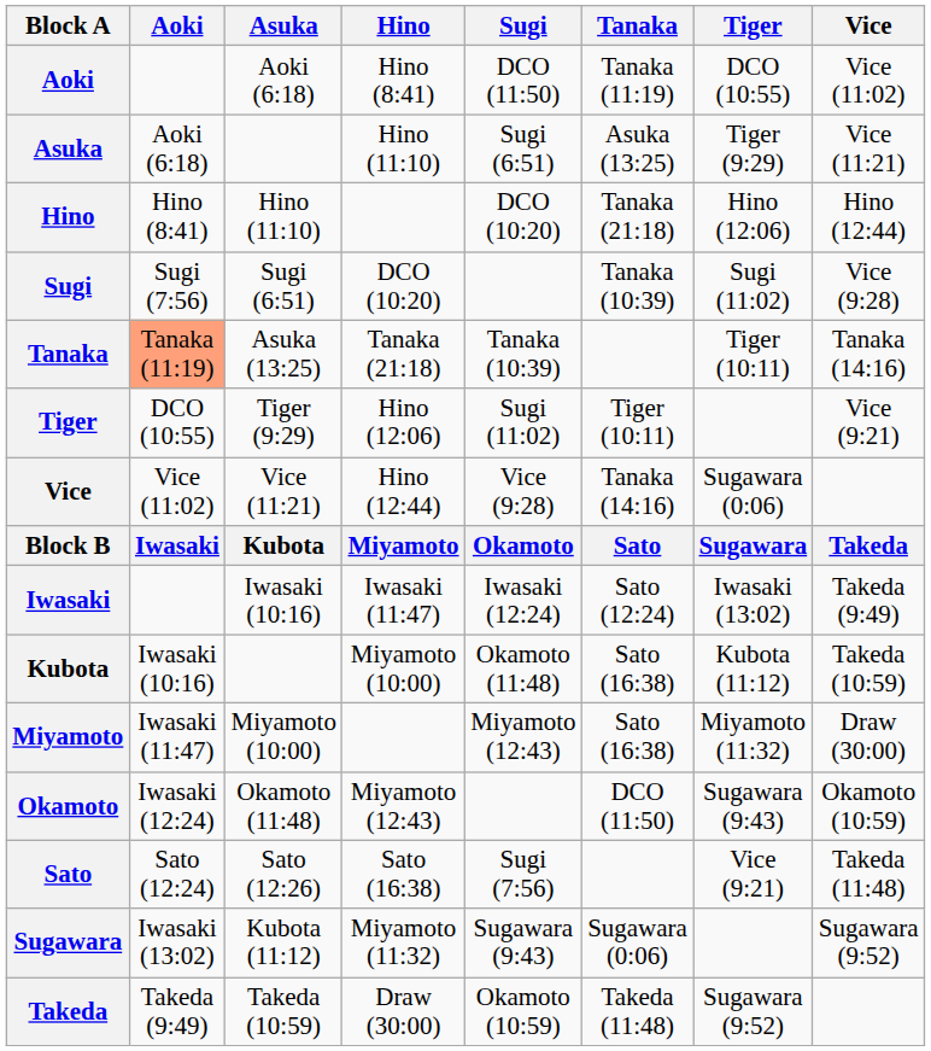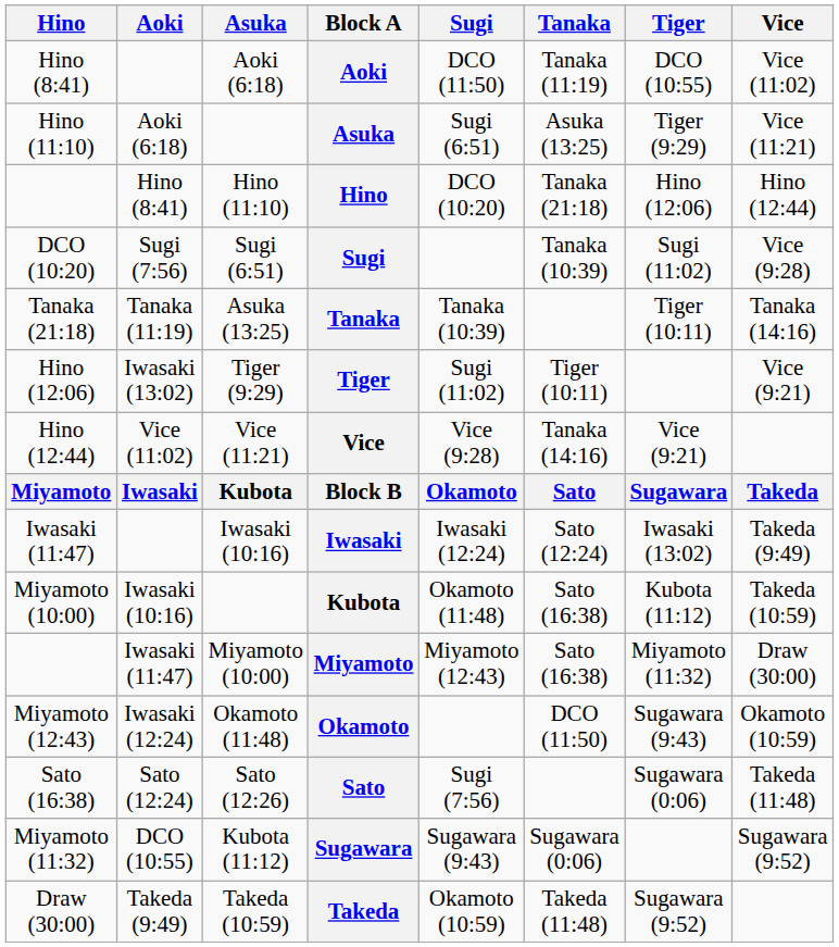 <table class="wikitable" style="margin: 1em auto 1em auto">
 <tr align="center">
-<th>Block A</th>
+<th><a href='#'>Hino</a></th>
 <th><a href='#'>Aoki</a></th>
 <th><a href='#'>Asuka</a></th>
-<th><a href='#'>Hino</a></th>
+<th>Block A</th>
 <th><a href='#'>Sugi</a></th>
 <th><a href='#'>Tanaka</a></th>
 <th><a href='#'>Tiger</a></th>
 <th>Vice</th>
 </tr>
 <tr align="center">
-<th><a href='#'>Aoki</a></th>
+<td>Hino<br>(8:41)</td>
 <td></td>
 <td>Aoki<br>(6:18)</td>
-<td>Hino<br>(8:41)</td>
+<th><a href='#'>Aoki</a></th>
 <td>DCO<br>(11:50)</td>
 <td>Tanaka<br>(11:19)</td>
 <td>DCO<br>(10:55)</td>
 <td>Vice<br>(11:02)</td>
 </tr>
 <tr align="center">
-<th><a href='#'>Asuka</a></th>
+<td>Hino<br>(11:10)</td>
 <td>Aoki<br>(6:18)</td>
 <td></td>
-<td>Hino<br>(11:10)</td>
+<th><a href='#'>Asuka</a></th>
 <td>Sugi<br>(6:51)</td>
 <td>Asuka<br>(13:25)</td>
 <td>Tiger<br>(9:29)</td>
 <td>Vice<br>(11:21)</td>
 </tr>
 <tr align="center">
-<th><a href='#'>Hino</a></th>
+<td></td>
 <td>Hino<br>(8:41)</td>
 <td>Hino<br>(11:10)</td>
-<td></td>
+<th><a href='#'>Hino</a></th>
 <td>DCO<br>(10:20)</td>
 <td>Tanaka<br>(21:18)</td>
 <td>Hino<br>(12:06)</td>
 <td>Hino<br>(12:44)</td>
 </tr>
 <tr align="center">
-<th><a href='#'>Sugi</a></th>
+<td>DCO<br>(10:20)</td>
 <td>Sugi<br>(7:56)</td>
 <td>Sugi<br>(6:51)</td>
-<td>DCO<br>(10:20)</td>
+<th><a href='#'>Sugi</a></th>
 <td></td>
 <td>Tanaka<br>(10:39)</td>
 <td>Sugi<br>(11:02)</td>
 <td>Vice<br>(9:28)</td>
 </tr>
 <tr align="center">
+<td>Tanaka<br>(21:18)</td>
+<td>Tanaka<br>(11:19)</td>
+<td>Asuka<br>(13:25)</td>
 <th><a href='#'>Tanaka</a></th>
-<td style="background: lightsalmon;">Tanaka<br>(11:19)</td>
-<td>Asuka<br>(13:25)</td>
-<td>Tanaka<br>(21:18)</td>
 <td>Tanaka<br>(10:39)</td>
 <td></td>
 <td>Tiger<br>(10:11)</td>
 <td>Tanaka<br>(14:16)</td>
 </tr>
 <tr align="center">
+<td>Hino<br>(12:06)</td>
+<td>Iwasaki<br>(13:02)</td>
+<td>Tiger<br>(9:29)</td>
 <th><a href='#'>Tiger</a></th>
-<td>DCO<br>(10:55)</td>
-<td>Tiger<br>(9:29)</td>
-<td>Hino<br>(12:06)</td>
 <td>Sugi<br>(11:02)</td>
 <td>Tiger<br>(10:11)</td>
 <td></td>
 <td>Vice<br>(9:21)</td>
 </tr>
 <tr align="center">
-<th>Vice</th>
+<td>Hino<br>(12:44)</td>
 <td>Vice<br>(11:02)</td>
 <td>Vice<br>(11:21)</td>
-<td>Hino<br>(12:44)</td>
+<th>Vice</th>
 <td>Vice<br>(9:28)</td>
 <td>Tanaka<br>(14:16)</td>
-<td>Sugawara<br>(0:06)</td>
+<td>Vice<br>(9:21)</td>
 <td></td>
 </tr>
 <tr align="center">
-<th>Block B</th>
+<th><a href='#'>Miyamoto</a></th>
 <th><a href='#'>Iwasaki</a></th>
 <th>Kubota</th>
-<th><a href='#'>Miyamoto</a></th>
+<th>Block B</th>
 <th><a href='#'>Okamoto</a></th>
 <th><a href='#'>Sato</a></th>
 <th><a href='#'>Sugawara</a></th>
 <th><a href='#'>Takeda</a></th>
 </tr>
 <tr align="center">
-<th><a href='#'>Iwasaki</a></th>
+<td>Iwasaki<br>(11:47)</td>
 <td></td>
 <td>Iwasaki<br>(10:16)</td>
-<td>Iwasaki<br>(11:47)</td>
+<th><a href='#'>Iwasaki</a></th>
 <td>Iwasaki<br>(12:24)</td>
 <td>Sato<br>(12:24)</td>
 <td>Iwasaki<br>(13:02)</td>
 <td>Takeda<br>(9:49)</td>
 </tr>
 <tr align="center">
-<th>Kubota</th>
+<td>Miyamoto<br>(10:00)</td>
 <td>Iwasaki<br>(10:16)</td>
 <td></td>
-<td>Miyamoto<br>(10:00)</td>
+<th>Kubota</th>
 <td>Okamoto<br>(11:48)</td>
 <td>Sato<br>(16:38)</td>
 <td>Kubota<br>(11:12)</td>
 <td>Takeda<br>(10:59)</td>
 </tr>
 <tr align="center">
-<th><a href='#'>Miyamoto</a></th>
+<td></td>
 <td>Iwasaki<br>(11:47)</td>
 <td>Miyamoto<br>(10:00)</td>
-<td></td>
+<th><a href='#'>Miyamoto</a></th>
 <td>Miyamoto<br>(12:43)</td>
 <td>Sato<br>(16:38)</td>
 <td>Miyamoto<br>(11:32)</td>
 <td>Draw<br>(30:00)</td>
 </tr>
 <tr align="center">
-<th><a href='#'>Okamoto</a></th>
+<td>Miyamoto<br>(12:43)</td>
 <td>Iwasaki<br>(12:24)</td>
 <td>Okamoto<br>(11:48)</td>
-<td>Miyamoto<br>(12:43)</td>
+<th><a href='#'>Okamoto</a></th>
 <td></td>
 <td>DCO<br>(11:50)</td>
 <td>Sugawara<br>(9:43)</td>
 <td>Okamoto<br>(10:59)</td>
 </tr>
 <tr align="center">
-<th><a href='#'>Sato</a></th>
+<td>Sato<br>(16:38)</td>
 <td>Sato<br>(12:24)</td>
 <td>Sato<br>(12:26)</td>
-<td>Sato<br>(16:38)</td>
+<th><a href='#'>Sato</a></th>
 <td>Sugi<br>(7:56)</td>
 <td></td>
-<td>Vice<br>(9:21)</td>
+<td>Sugawara<br>(0:06)</td>
 <td>Takeda<br>(11:48)</td>
 </tr>
 <tr align="center">
+<td>Miyamoto<br>(11:32)</td>
+<td>DCO<br>(10:55)</td>
+<td>Kubota<br>(11:12)</td>
 <th><a href='#'>Sugawara</a></th>
-<td>Iwasaki<br>(13:02)</td>
-<td>Kubota<br>(11:12)</td>
-<td>Miyamoto<br>(11:32)</td>
 <td>Sugawara<br>(9:43)</td>
 <td>Sugawara<br>(0:06)</td>
 <td></td>
 <td>Sugawara<br>(9:52)</td>
 </tr>
 <tr align="center">
-<th><a href='#'>Takeda</a></th>
+<td>Draw<br>(30:00)</td>
 <td>Takeda<br>(9:49)</td>
 <td>Takeda<br>(10:59)</td>
-<td>Draw<br>(30:00)</td>
+<th><a href='#'>Takeda</a></th>
 <td>Okamoto<br>(10:59)</td>
 <td>Takeda<br>(11:48)</td>
 <td>Sugawara<br>(9:52)</td>
 <td></td>
 </tr>
 </table>
